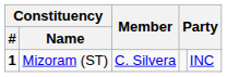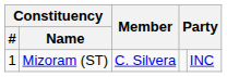 <table class="wikitable">
 <tr>
 <th colspan="2">Constituency</th>
 <th rowspan="2">Member</th>
 <th colspan="2" rowspan="2">Party</th>
 </tr>
 <tr>
 <th>#</th>
 <th>Name</th>
 </tr>
 <tr>
-<td><strong>1</strong></td>
+<td>1</td>
 <td><a href='#'>Mizoram</a> (ST)</td>
 <td><a href='#'>C. Silvera</a></td>
 <td style="background-color: "></td>
 <td><a href='#'>INC</a></td>
 </tr>
 </table>
